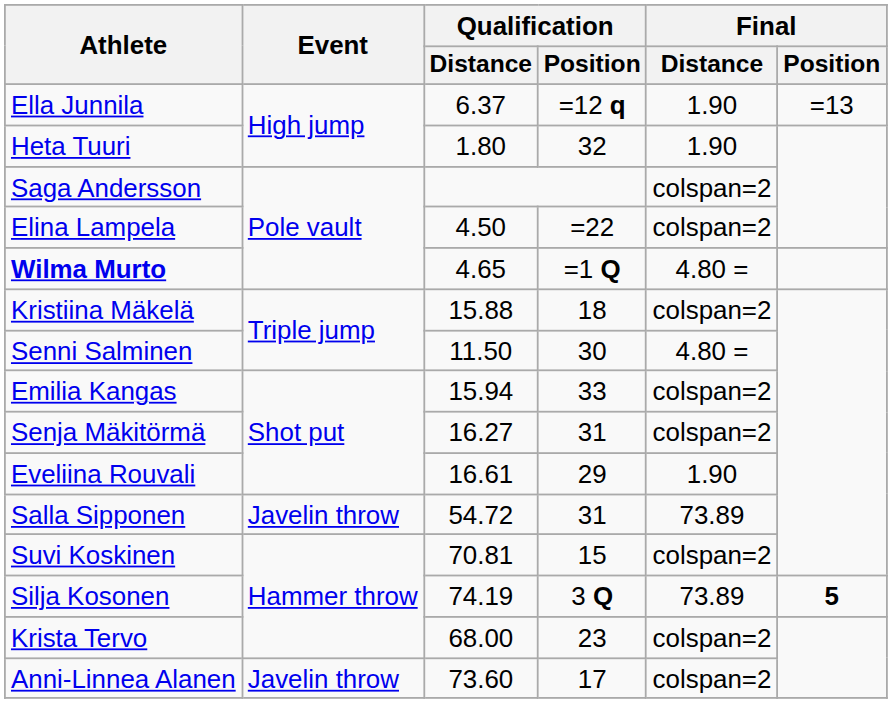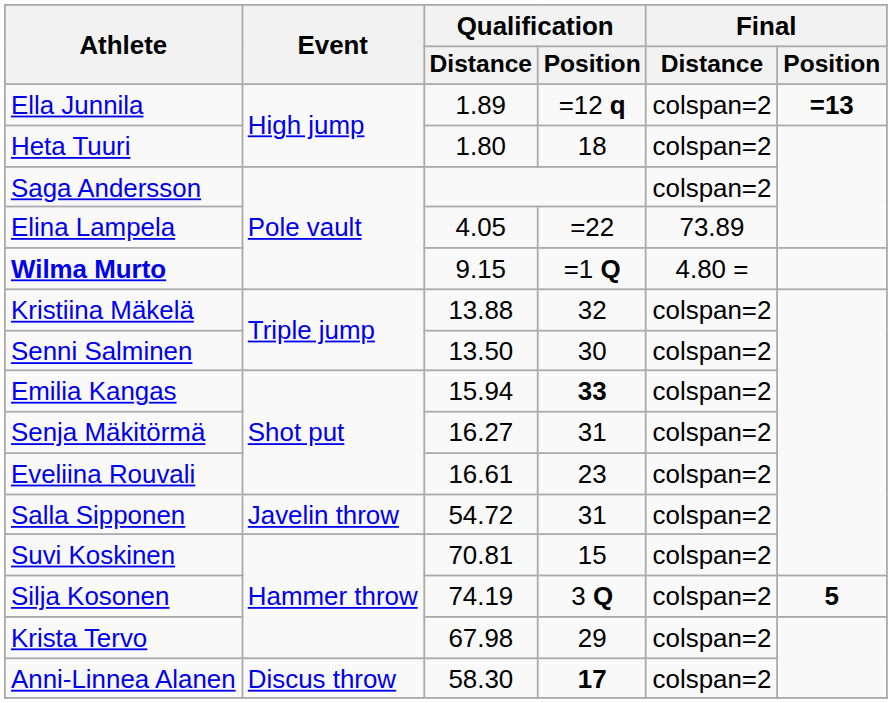 <table class=wikitable style=font-size:90%>
 <tr>
 <th rowspan=2>Athlete</th>
 <th rowspan=2>Event</th>
 <th colspan=2>Qualification</th>
 <th colspan=2>Final</th>
 </tr>
 <tr style=font-size:95%>
 <th>Distance</th>
 <th>Position</th>
 <th>Distance</th>
 <th>Position</th>
 </tr>
 <tr align=center>
 <td align=left><a href='#'>Ella Junnila</a></td>
 <td align=left rowspan=2><a href='#'>High jump</a></td>
-<td>6.37</td>
+<td>1.89</td>
 <td>=12 <strong>q</strong></td>
-<td>1.90</td>
-<td>=13</td>
+<td>colspan=2 </td>
+<td><strong>=13</strong></td>
 </tr>
 <tr align=center>
 <td align=left><a href='#'>Heta Tuuri</a></td>
 <td>1.80</td>
-<td>32</td>
-<td>1.90</td>
+<td>18</td>
+<td>colspan=2 </td>
 </tr>
 <tr align=center>
 <td align=left><a href='#'>Saga Andersson</a></td>
 <td align=left rowspan=3><a href='#'>Pole vault</a></td>
 <td colspan=2></td>
 <td>colspan=2 </td>
 </tr>
 <tr align=center>
 <td align=left><a href='#'>Elina Lampela</a></td>
-<td>4.50</td>
+<td>4.05</td>
 <td>=22</td>
-<td>colspan=2 </td>
+<td>73.89</td>
 </tr>
 <tr align=center>
 <td align=left><strong><a href='#'>Wilma Murto</a></strong></td>
-<td>4.65</td>
+<td>9.15</td>
 <td>=1 <strong>Q</strong></td>
 <td>4.80 =</td>
 <td></td>
 </tr>
 <tr align=center>
 <td align=left><a href='#'>Kristiina Mäkelä</a></td>
 <td align=left rowspan=2><a href='#'>Triple jump</a></td>
-<td>15.88</td>
-<td>18</td>
+<td>13.88</td>
+<td>32</td>
 <td>colspan=2 </td>
 </tr>
 <tr align=center>
 <td align=left><a href='#'>Senni Salminen</a></td>
-<td>11.50</td>
+<td>13.50</td>
 <td>30</td>
-<td>4.80 =</td>
+<td>colspan=2 </td>
 </tr>
 <tr align=center>
 <td align=left><a href='#'>Emilia Kangas</a></td>
 <td align=left rowspan=3><a href='#'>Shot put</a></td>
 <td>15.94</td>
-<td>33</td>
+<td><strong>33</strong></td>
 <td>colspan=2 </td>
 </tr>
 <tr align=center>
 <td align=left><a href='#'>Senja Mäkitörmä</a></td>
 <td>16.27</td>
 <td>31</td>
 <td>colspan=2 </td>
 </tr>
 <tr align=center>
 <td align=left><a href='#'>Eveliina Rouvali</a></td>
 <td>16.61</td>
-<td>29</td>
-<td>1.90</td>
+<td>23</td>
+<td>colspan=2 </td>
 </tr>
 <tr align=center>
 <td align=left><a href='#'>Salla Sipponen</a></td>
 <td align=left><a href='#'>Javelin throw</a></td>
 <td>54.72</td>
 <td>31</td>
-<td>73.89</td>
+<td>colspan=2 </td>
 </tr>
 <tr align=center>
 <td align=left><a href='#'>Suvi Koskinen</a></td>
 <td align=left rowspan=3><a href='#'>Hammer throw</a></td>
 <td>70.81</td>
 <td>15</td>
 <td>colspan=2 </td>
 </tr>
 <tr align=center>
 <td align=left><a href='#'>Silja Kosonen</a></td>
 <td>74.19 </td>
 <td>3 <strong>Q</strong></td>
-<td>73.89</td>
+<td>colspan=2 </td>
 <td><strong>5</strong></td>
 </tr>
 <tr align=center>
 <td align=left><a href='#'>Krista Tervo</a></td>
-<td>68.00</td>
-<td>23</td>
+<td>67.98</td>
+<td>29</td>
 <td>colspan=2 </td>
 </tr>
 <tr align=center>
 <td align=left><a href='#'>Anni-Linnea Alanen</a></td>
-<td align=left><a href='#'>Javelin throw</a></td>
-<td>73.60</td>
-<td>17</td>
+<td align=left><a href='#'>Discus throw</a></td>
+<td>58.30</td>
+<td><strong>17</strong></td>
 <td>colspan=2 </td>
 </tr>
 </table>
